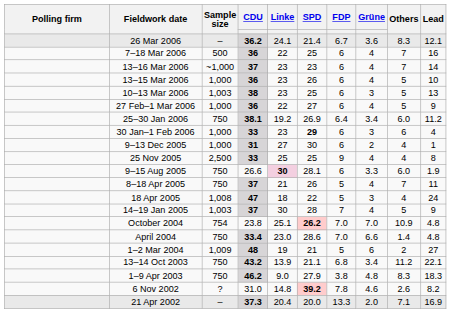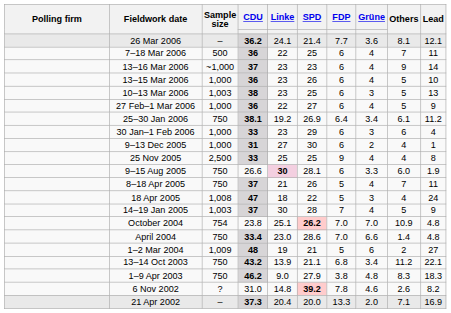 <table class="wikitable sortable" style="text-align:center;font-size:90%;line-height:14px;">
 <tr style="height:40px;">
 <th style="width:160px;" rowspan="2">Polling firm</th>
 <th style="width:140px;" rowspan="2">Fieldwork date</th>
 <th style="width:35px;" rowspan="2">Sample<br>size</th>
 <th class="unsortable" style="width:40px;"><a href='#'>CDU</a></th>
 <th class="unsortable" style="width:40px;"><a href='#'>Linke</a></th>
 <th class="unsortable" style="width:40px;"><a href='#'>SPD</a></th>
 <th class="unsortable" style="width:40px;"><a href='#'>FDP</a></th>
 <th class="unsortable" style="width:40px;"><a href='#'>Grüne</a></th>
 <th class="unsortable" style="width:40px;" rowspan="2">Others</th>
 <th style="width:30px;" rowspan="2">Lead</th>
 </tr>
 <tr>
 <th style="background:"></th>
 <th style="background:"></th>
 <th style="background:"></th>
 <th style="background:"></th>
 <th style="background:"></th>
 </tr>
 <tr style="background:#E9E9E9;">
 <td></td>
 <td data-sort-value="2006-03-26">26 Mar 2006</td>
 <td>–</td>
 <td style="background:#D7D5D7;"><strong>36.2</strong></td>
 <td>24.1</td>
 <td>21.4</td>
-<td>6.7</td>
+<td>7.7</td>
 <td>3.6</td>
-<td>8.3</td>
+<td>8.1</td>
 <td style="background:">12.1</td>
 </tr>
 <tr>
 <td></td>
 <td data-sort-value="2006-03-21">7–18 Mar 2006</td>
 <td>500</td>
 <td style="background:#D7D5D7;"><strong>36</strong></td>
 <td>22</td>
 <td>25</td>
 <td>6</td>
 <td>4</td>
 <td>7</td>
-<td style="background:">16</td>
+<td style="background:">11</td>
 </tr>
 <tr>
 <td></td>
 <td data-sort-value="2006-03-17">13–16 Mar 2006</td>
 <td>~1,000</td>
 <td style="background:#D7D5D7;"><strong>37</strong></td>
 <td>23</td>
 <td>23</td>
 <td>6</td>
 <td>4</td>
-<td>7</td>
+<td>9</td>
 <td style="background:">14</td>
 </tr>
 <tr>
 <td></td>
 <td data-sort-value="2006-03-16">13–15 Mar 2006</td>
 <td>1,000</td>
 <td style="background:#D7D5D7;"><strong>36</strong></td>
 <td>23</td>
 <td>26</td>
 <td>6</td>
 <td>4</td>
 <td>5</td>
 <td style="background:">10</td>
 </tr>
 <tr>
 <td></td>
 <td data-sort-value="2006-03-14">10–13 Mar 2006</td>
 <td>1,003</td>
 <td style="background:#D7D5D7;"><strong>38</strong></td>
 <td>23</td>
 <td>25</td>
 <td>6</td>
 <td>3</td>
 <td>5</td>
 <td style="background:">13</td>
 </tr>
 <tr>
 <td></td>
 <td data-sort-value="2006-03-02">27 Feb–1 Mar 2006</td>
 <td>1,000</td>
 <td style="background:#D7D5D7;"><strong>36</strong></td>
 <td>22</td>
 <td>27</td>
 <td>6</td>
 <td>4</td>
 <td>5</td>
 <td style="background:">9</td>
 </tr>
 <tr>
 <td></td>
 <td data-sort-value="2006-02-28">25–30 Jan 2006</td>
 <td>750</td>
 <td style="background:#D7D5D7;"><strong>38.1</strong></td>
 <td>19.2</td>
 <td>26.9</td>
 <td>6.4</td>
 <td>3.4</td>
-<td>6.0</td>
+<td>6.1</td>
 <td style="background:">11.2</td>
 </tr>
 <tr>
 <td></td>
 <td data-sort-value="2006-02-02">30 Jan–1 Feb 2006</td>
 <td>1,000</td>
 <td style="background:#D7D5D7;"><strong>33</strong></td>
 <td>23</td>
-<td><strong>29</strong></td>
+<td>29</td>
 <td>6</td>
 <td>3</td>
 <td>6</td>
 <td style="background:">4</td>
 </tr>
 <tr>
 <td></td>
 <td data-sort-value="2005-12-15">9–13 Dec 2005</td>
 <td>1,000</td>
 <td style="background:#D7D5D7;"><strong>31</strong></td>
 <td>27</td>
 <td>30</td>
 <td>6</td>
 <td>2</td>
 <td>4</td>
 <td style="background:">1</td>
 </tr>
 <tr>
 <td></td>
 <td data-sort-value="2005-11-25">25 Nov 2005</td>
 <td>2,500</td>
 <td style="background:#D7D5D7;"><strong>33</strong></td>
 <td>25</td>
 <td>25</td>
 <td>9</td>
 <td>4</td>
 <td>4</td>
 <td style="background:">8</td>
 </tr>
 <tr>
 <td></td>
 <td data-sort-value="2005-09-05">9–15 Aug 2005</td>
 <td>750</td>
 <td>26.6</td>
 <td style="background:#F3CFE0;"><strong>30</strong></td>
 <td>28.1</td>
 <td>6</td>
 <td>3.3</td>
 <td>6.0</td>
 <td style="background:">1.9</td>
 </tr>
 <tr>
 <td></td>
 <td data-sort-value="2005-05-02">8–18 Apr 2005</td>
 <td>750</td>
 <td style="background:#D7D5D7;"><strong>37</strong></td>
 <td>21</td>
 <td>26</td>
 <td>5</td>
 <td>4</td>
 <td>7</td>
 <td style="background:">11</td>
 </tr>
 <tr>
 <td></td>
 <td data-sort-value="2005-04-18">18 Apr 2005</td>
 <td>1,008</td>
 <td style="background:#D7D5D7;"><strong>47</strong></td>
 <td>18</td>
 <td>22</td>
 <td>5</td>
 <td>3</td>
 <td>4</td>
 <td style="background:">24</td>
 </tr>
 <tr>
 <td></td>
 <td data-sort-value="2005-01-24">14–19 Jan 2005</td>
 <td>1,003</td>
 <td style="background:#D7D5D7;"><strong>37</strong></td>
 <td>30</td>
 <td>28</td>
 <td>7</td>
 <td>4</td>
 <td>5</td>
 <td style="background:">9</td>
 </tr>
 <tr>
 <td></td>
 <td data-sort-value="2004-11-02">October 2004</td>
 <td>754</td>
 <td>23.8</td>
 <td>25.1</td>
 <td style="background:#FFCCCC;"><strong>26.2</strong></td>
 <td>7.0</td>
 <td>7.0</td>
 <td>10.9</td>
 <td style="background:">4.8</td>
 </tr>
 <tr>
 <td></td>
 <td data-sort-value="2004-05-04">April 2004</td>
 <td>750</td>
 <td style="background:#D7D5D7;"><strong>33.4</strong></td>
 <td>23.0</td>
 <td>28.6</td>
 <td>7.0</td>
 <td>6.6</td>
 <td>1.4</td>
 <td style="background:">4.8</td>
 </tr>
 <tr>
 <td></td>
 <td data-sort-value="2004-04-05">1–2 Mar 2004</td>
 <td>1,009</td>
 <td style="background:#D7D5D7;"><strong>48</strong></td>
 <td>19</td>
 <td>21</td>
 <td>5</td>
 <td>6</td>
 <td>2</td>
 <td style="background:">27</td>
 </tr>
 <tr>
 <td></td>
 <td data-sort-value="2003-11-04">13–14 Oct 2003</td>
 <td>750</td>
 <td style="background:#D7D5D7;"><strong>43.2</strong></td>
 <td>13.9</td>
 <td>21.1</td>
 <td>6.8</td>
 <td>3.4</td>
 <td>11.2</td>
 <td style="background:">22.1</td>
 </tr>
 <tr>
 <td></td>
 <td data-sort-value="2003-05-07">1–9 Apr 2003</td>
 <td>750</td>
 <td style="background:#D7D5D7;"><strong>46.2</strong></td>
 <td>9.0</td>
 <td>27.9</td>
 <td>3.8</td>
 <td>4.8</td>
 <td>8.3</td>
 <td style="background:">18.3</td>
 </tr>
 <tr>
 <td></td>
 <td data-sort-value="2002-11-06">6 Nov 2002</td>
 <td>?</td>
 <td>31.0</td>
 <td>14.8</td>
 <td style="background:#FFCCCC;"><strong>39.2</strong></td>
 <td>7.8</td>
 <td>4.6</td>
 <td>2.6</td>
 <td style="background:">8.2</td>
 </tr>
 <tr style="background:#E9E9E9;">
 <td></td>
 <td data-sort-value="2002-04-21">21 Apr 2002</td>
 <td>–</td>
 <td style="background:#D7D5D7;"><strong>37.3</strong></td>
 <td>20.4</td>
 <td>20.0</td>
 <td>13.3</td>
 <td>2.0</td>
 <td>7.1</td>
 <td style="background:">16.9</td>
 </tr>
 </table>
